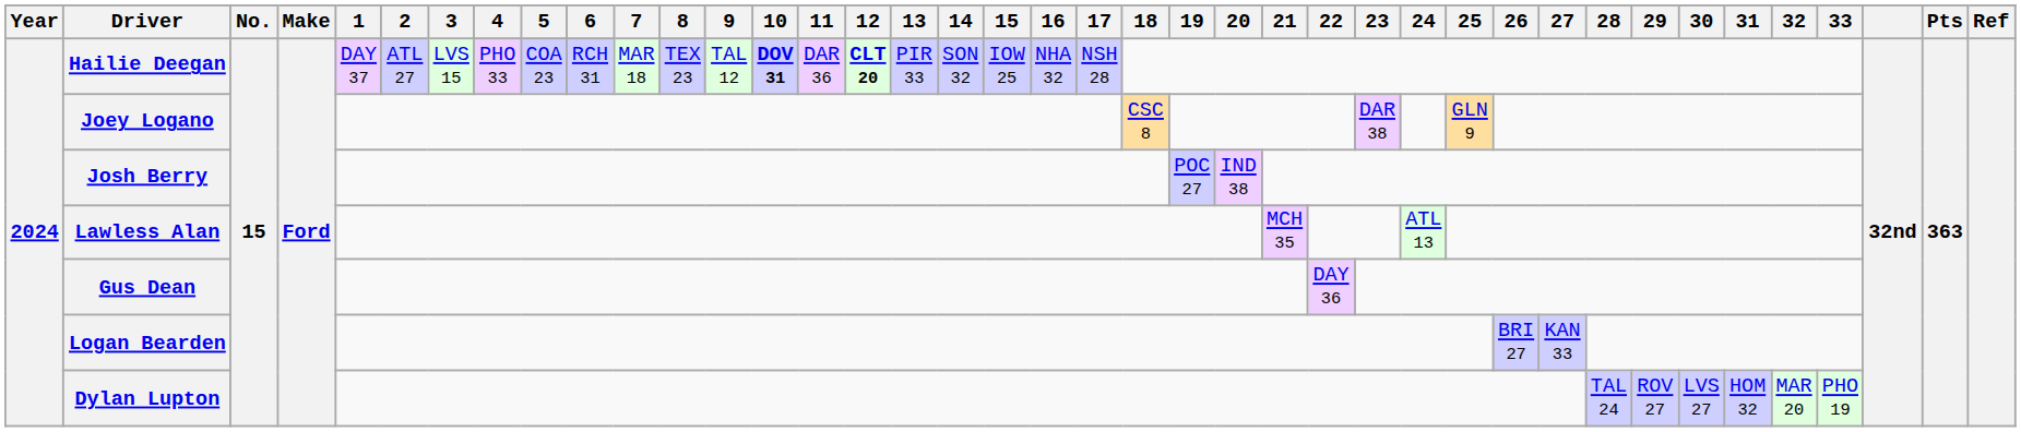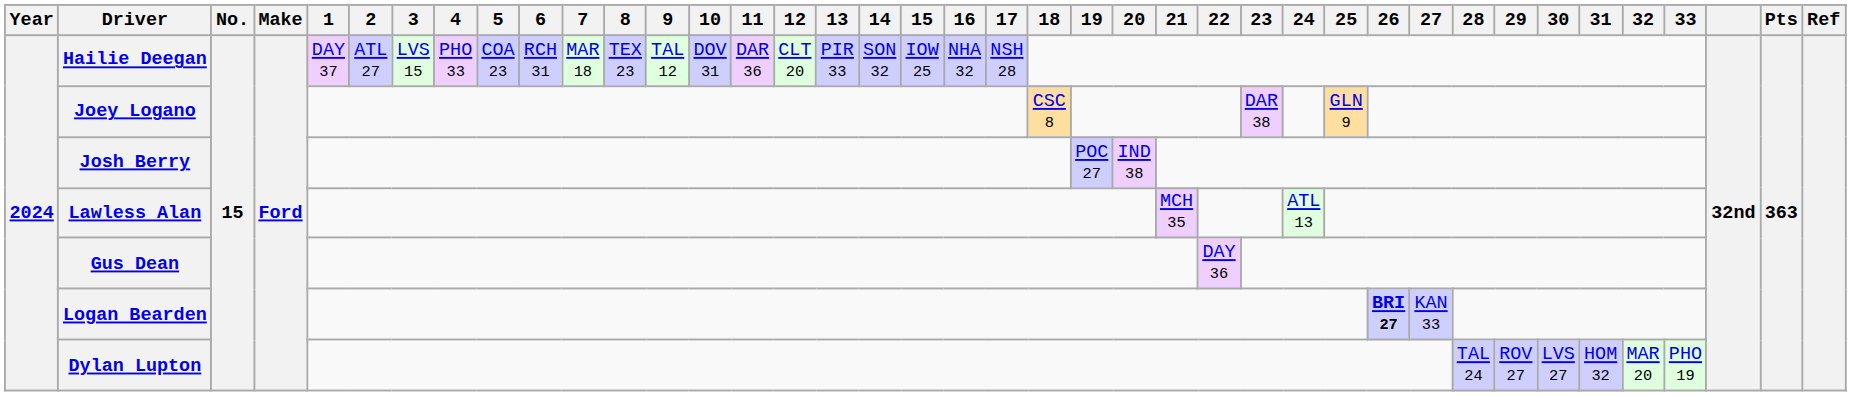 <table class="wikitable" style="text-align:center; font-size:75%">
 <tr>
 <th>Year</th>
 <th>Driver</th>
 <th>No.</th>
 <th>Make</th>
 <th>1</th>
 <th>2</th>
 <th>3</th>
 <th>4</th>
 <th>5</th>
 <th>6</th>
 <th>7</th>
 <th>8</th>
 <th>9</th>
 <th>10</th>
 <th>11</th>
 <th>12</th>
 <th>13</th>
 <th>14</th>
 <th>15</th>
 <th>16</th>
 <th>17</th>
 <th>18</th>
 <th>19</th>
 <th>20</th>
 <th>21</th>
 <th>22</th>
 <th>23</th>
 <th>24</th>
 <th>25</th>
 <th>26</th>
 <th>27</th>
 <th>28</th>
 <th>29</th>
 <th>30</th>
 <th>31</th>
 <th>32</th>
 <th>33</th>
 <th></th>
 <th>Pts</th>
 <th>Ref</th>
 </tr>
 <tr>
 <th rowspan="7"><a href='#'>2024</a></th>
 <th><a href='#'>Hailie Deegan</a></th>
 <th rowspan="7">15</th>
 <th rowspan="7"><a href='#'>Ford</a></th>
 <td style="background:#EFCFFF;"><a href='#'>DAY</a><br><small>37</small></td>
 <td style="background:#CFCFFF;"><a href='#'>ATL</a><br><small>27</small></td>
 <td style="background:#DFFFDF;"><a href='#'>LVS</a><br><small>15</small></td>
 <td style="background:#EFCFFF;"><a href='#'>PHO</a><br><small>33</small></td>
 <td style="background:#CFCFFF;"><a href='#'>COA</a><br><small>23</small></td>
 <td style="background:#CFCFFF;"><a href='#'>RCH</a><br><small>31</small></td>
 <td style="background:#DFFFDF;"><a href='#'>MAR</a><br><small>18</small></td>
 <td style="background:#CFCFFF;"><a href='#'>TEX</a><br><small>23</small></td>
 <td style="background:#DFFFDF;"><a href='#'>TAL</a><br><small>12</small></td>
-<td style="background:#CFCFFF;"><strong><a href='#'>DOV</a><br><small>31</small></strong></td>
+<td style="background:#CFCFFF;"><a href='#'>DOV</a><br><small>31</small></td>
 <td style="background:#EFCFFF;"><a href='#'>DAR</a><br><small>36</small></td>
-<td style="background:#DFFFDF;"><strong><a href='#'>CLT</a><br><small>20</small></strong></td>
+<td style="background:#DFFFDF;"><a href='#'>CLT</a><br><small>20</small></td>
 <td style="background:#CFCFFF;"><a href='#'>PIR</a><br><small>33</small></td>
 <td style="background:#CFCFFF;"><a href='#'>SON</a><br><small>32</small></td>
 <td style="background:#CFCFFF;"><a href='#'>IOW</a><br><small>25</small></td>
 <td style="background:#CFCFFF;"><a href='#'>NHA</a><br><small>32</small></td>
 <td style="background:#CFCFFF;"><a href='#'>NSH</a><br><small>28</small></td>
 <td colspan="16"></td>
 <th rowspan="7">32nd</th>
 <th rowspan="7">363</th>
 <th rowspan="7"></th>
 </tr>
 <tr>
 <th><a href='#'>Joey Logano</a></th>
 <td colspan="17"></td>
 <td style="background:#FFDF9F;"><a href='#'>CSC</a><br><small>8</small></td>
 <td colspan="4"></td>
 <td style="background:#EFCFFF;"><a href='#'>DAR</a><br><small>38</small></td>
 <td colspan="1"></td>
 <td style="background:#FFDF9F;"><a href='#'>GLN</a><br><small>9</small></td>
 </tr>
 <tr>
 <th><a href='#'>Josh Berry</a></th>
 <td colspan="18"></td>
 <td style="background:#CFCFFF;"><a href='#'>POC</a><br><small>27</small></td>
 <td style="background:#EFCFFF;"><a href='#'>IND</a><br><small>38</small></td>
 <td colspan="13"></td>
 </tr>
 <tr>
 <th><a href='#'>Lawless Alan</a></th>
 <td colspan="20"></td>
 <td style="background:#EFCFFF;"><a href='#'>MCH</a><br><small>35</small></td>
 <td colspan="2"></td>
 <td style="background:#DFFFDF;"><a href='#'>ATL</a><br><small>13</small></td>
 <td colspan="9"></td>
 </tr>
 <tr>
 <th><a href='#'>Gus Dean</a></th>
 <td colspan="21"></td>
 <td style="background:#EFCFFF;"><a href='#'>DAY</a><br><small>36</small></td>
 <td colspan="11"></td>
 </tr>
 <tr>
 <th><a href='#'>Logan Bearden</a></th>
 <td colspan="25"></td>
-<td style="background:#CFCFFF;"><a href='#'>BRI</a><br><small>27</small></td>
+<td style="background:#CFCFFF;"><strong><a href='#'>BRI</a><br><small>27</small></strong></td>
 <td style="background:#CFCFFF;"><a href='#'>KAN</a><br><small>33</small></td>
 <td colspan="6"></td>
 </tr>
 <tr>
 <th><a href='#'>Dylan Lupton</a></th>
 <td colspan="27"></td>
 <td style="background:#CFCFFF;"><a href='#'>TAL</a><br><small>24</small></td>
 <td style="background:#CFCFFF;"><a href='#'>ROV</a><br><small>27</small></td>
 <td style="background:#CFCFFF;"><a href='#'>LVS</a><br><small>27</small></td>
 <td style="background:#CFCFFF;"><a href='#'>HOM</a><br><small>32</small></td>
 <td style="background:#DFFFDF;"><a href='#'>MAR</a><br><small>20</small></td>
 <td style="background:#DFFFDF;"><a href='#'>PHO</a><br><small>19</small></td>
 </tr>
 </table>
